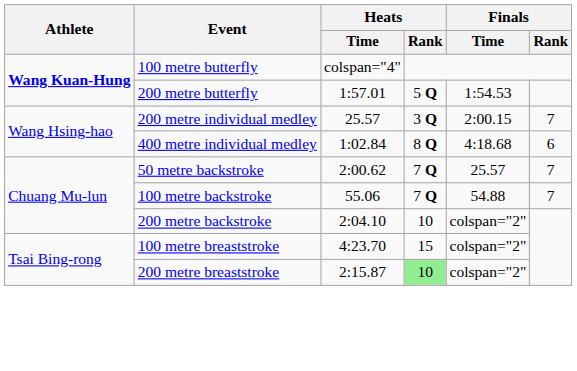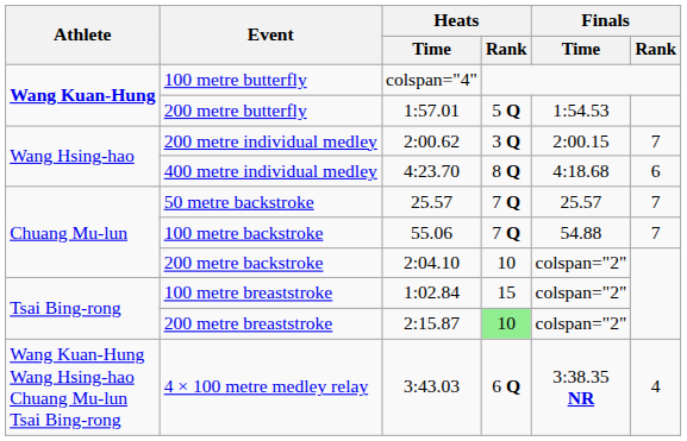 <table class=wikitable style="font-size:90%; text-align:center">
 <tr>
 <th rowspan="2">Athlete</th>
 <th rowspan="2">Event</th>
 <th colspan="2">Heats</th>
 <th colspan="2">Finals</th>
 </tr>
 <tr style="font-size:95%">
 <th>Time</th>
 <th>Rank</th>
 <th>Time</th>
 <th>Rank</th>
 </tr>
 <tr>
 <td align="left" rowspan="2"><strong><a href='#'>Wang Kuan-Hung</a></strong></td>
 <td align="left"><a href='#'>100 metre butterfly</a></td>
 <td>colspan="4" </td>
 </tr>
 <tr>
 <td align="left"><a href='#'>200 metre butterfly</a></td>
 <td>1:57.01</td>
 <td>5 <strong>Q</strong></td>
 <td>1:54.53</td>
 <td></td>
 </tr>
 <tr>
 <td align="left" rowspan="2"><a href='#'>Wang Hsing-hao</a></td>
 <td align="left"><a href='#'>200 metre individual medley</a></td>
-<td>25.57</td>
+<td>2:00.62</td>
 <td>3 <strong>Q</strong></td>
 <td>2:00.15</td>
 <td>7</td>
 </tr>
 <tr>
 <td align="left"><a href='#'>400 metre individual medley</a></td>
-<td>1:02.84</td>
+<td>4:23.70</td>
 <td>8 <strong>Q</strong></td>
 <td>4:18.68</td>
 <td>6</td>
 </tr>
 <tr>
 <td align="left" rowspan="3"><a href='#'>Chuang Mu-lun</a></td>
 <td align="left"><a href='#'>50 metre backstroke</a></td>
-<td>2:00.62</td>
+<td>25.57</td>
 <td>7 <strong>Q</strong></td>
 <td>25.57</td>
 <td>7</td>
 </tr>
 <tr>
 <td align="left"><a href='#'>100 metre backstroke</a></td>
 <td>55.06</td>
 <td>7 <strong>Q</strong></td>
 <td>54.88</td>
 <td>7</td>
 </tr>
 <tr>
 <td align="left"><a href='#'>200 metre backstroke</a></td>
 <td>2:04.10</td>
 <td>10</td>
 <td>colspan="2" </td>
 </tr>
 <tr>
 <td align="left" rowspan="2"><a href='#'>Tsai Bing-rong</a></td>
 <td align="left"><a href='#'>100 metre breaststroke</a></td>
-<td>4:23.70</td>
+<td>1:02.84</td>
 <td>15</td>
 <td>colspan="2" </td>
 </tr>
 <tr>
 <td align="left"><a href='#'>200 metre breaststroke</a></td>
 <td>2:15.87</td>
 <td style="background: lightgreen;">10</td>
 <td>colspan="2" </td>
 </tr>
+<tr>
+<td align="left"><a href='#'>Wang Kuan-Hung</a><br><a href='#'>Wang Hsing-hao</a><br><a href='#'>Chuang Mu-lun</a><br><a href='#'>Tsai Bing-rong</a></td>
+<td align="left"><a href='#'>4 × 100 metre medley relay</a></td>
+<td>3:43.03</td>
+<td>6 <strong>Q</strong></td>
+<td>3:38.35<br><strong><a href='#'>NR</a></strong></td>
+<td>4</td>
+</tr>
 </table>
